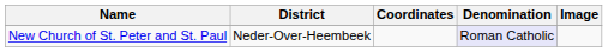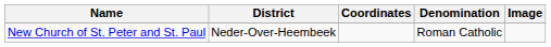 <table class="wikitable sortable">
 <tr>
 <th>Name</th>
 <th>District</th>
 <th>Coordinates</th>
 <th>Denomination</th>
 <th>Image</th>
 </tr>
 <tr>
 </tr>
 <tr>
 <td><a href='#'>New Church of St. Peter and St. Paul</a></td>
 <td>Neder-Over-Heembeek</td>
 <td></td>
-<td style="background: lavender;">Roman Catholic</td>
+<td>Roman Catholic</td>
 <td></td>
 </tr>
 </table>
